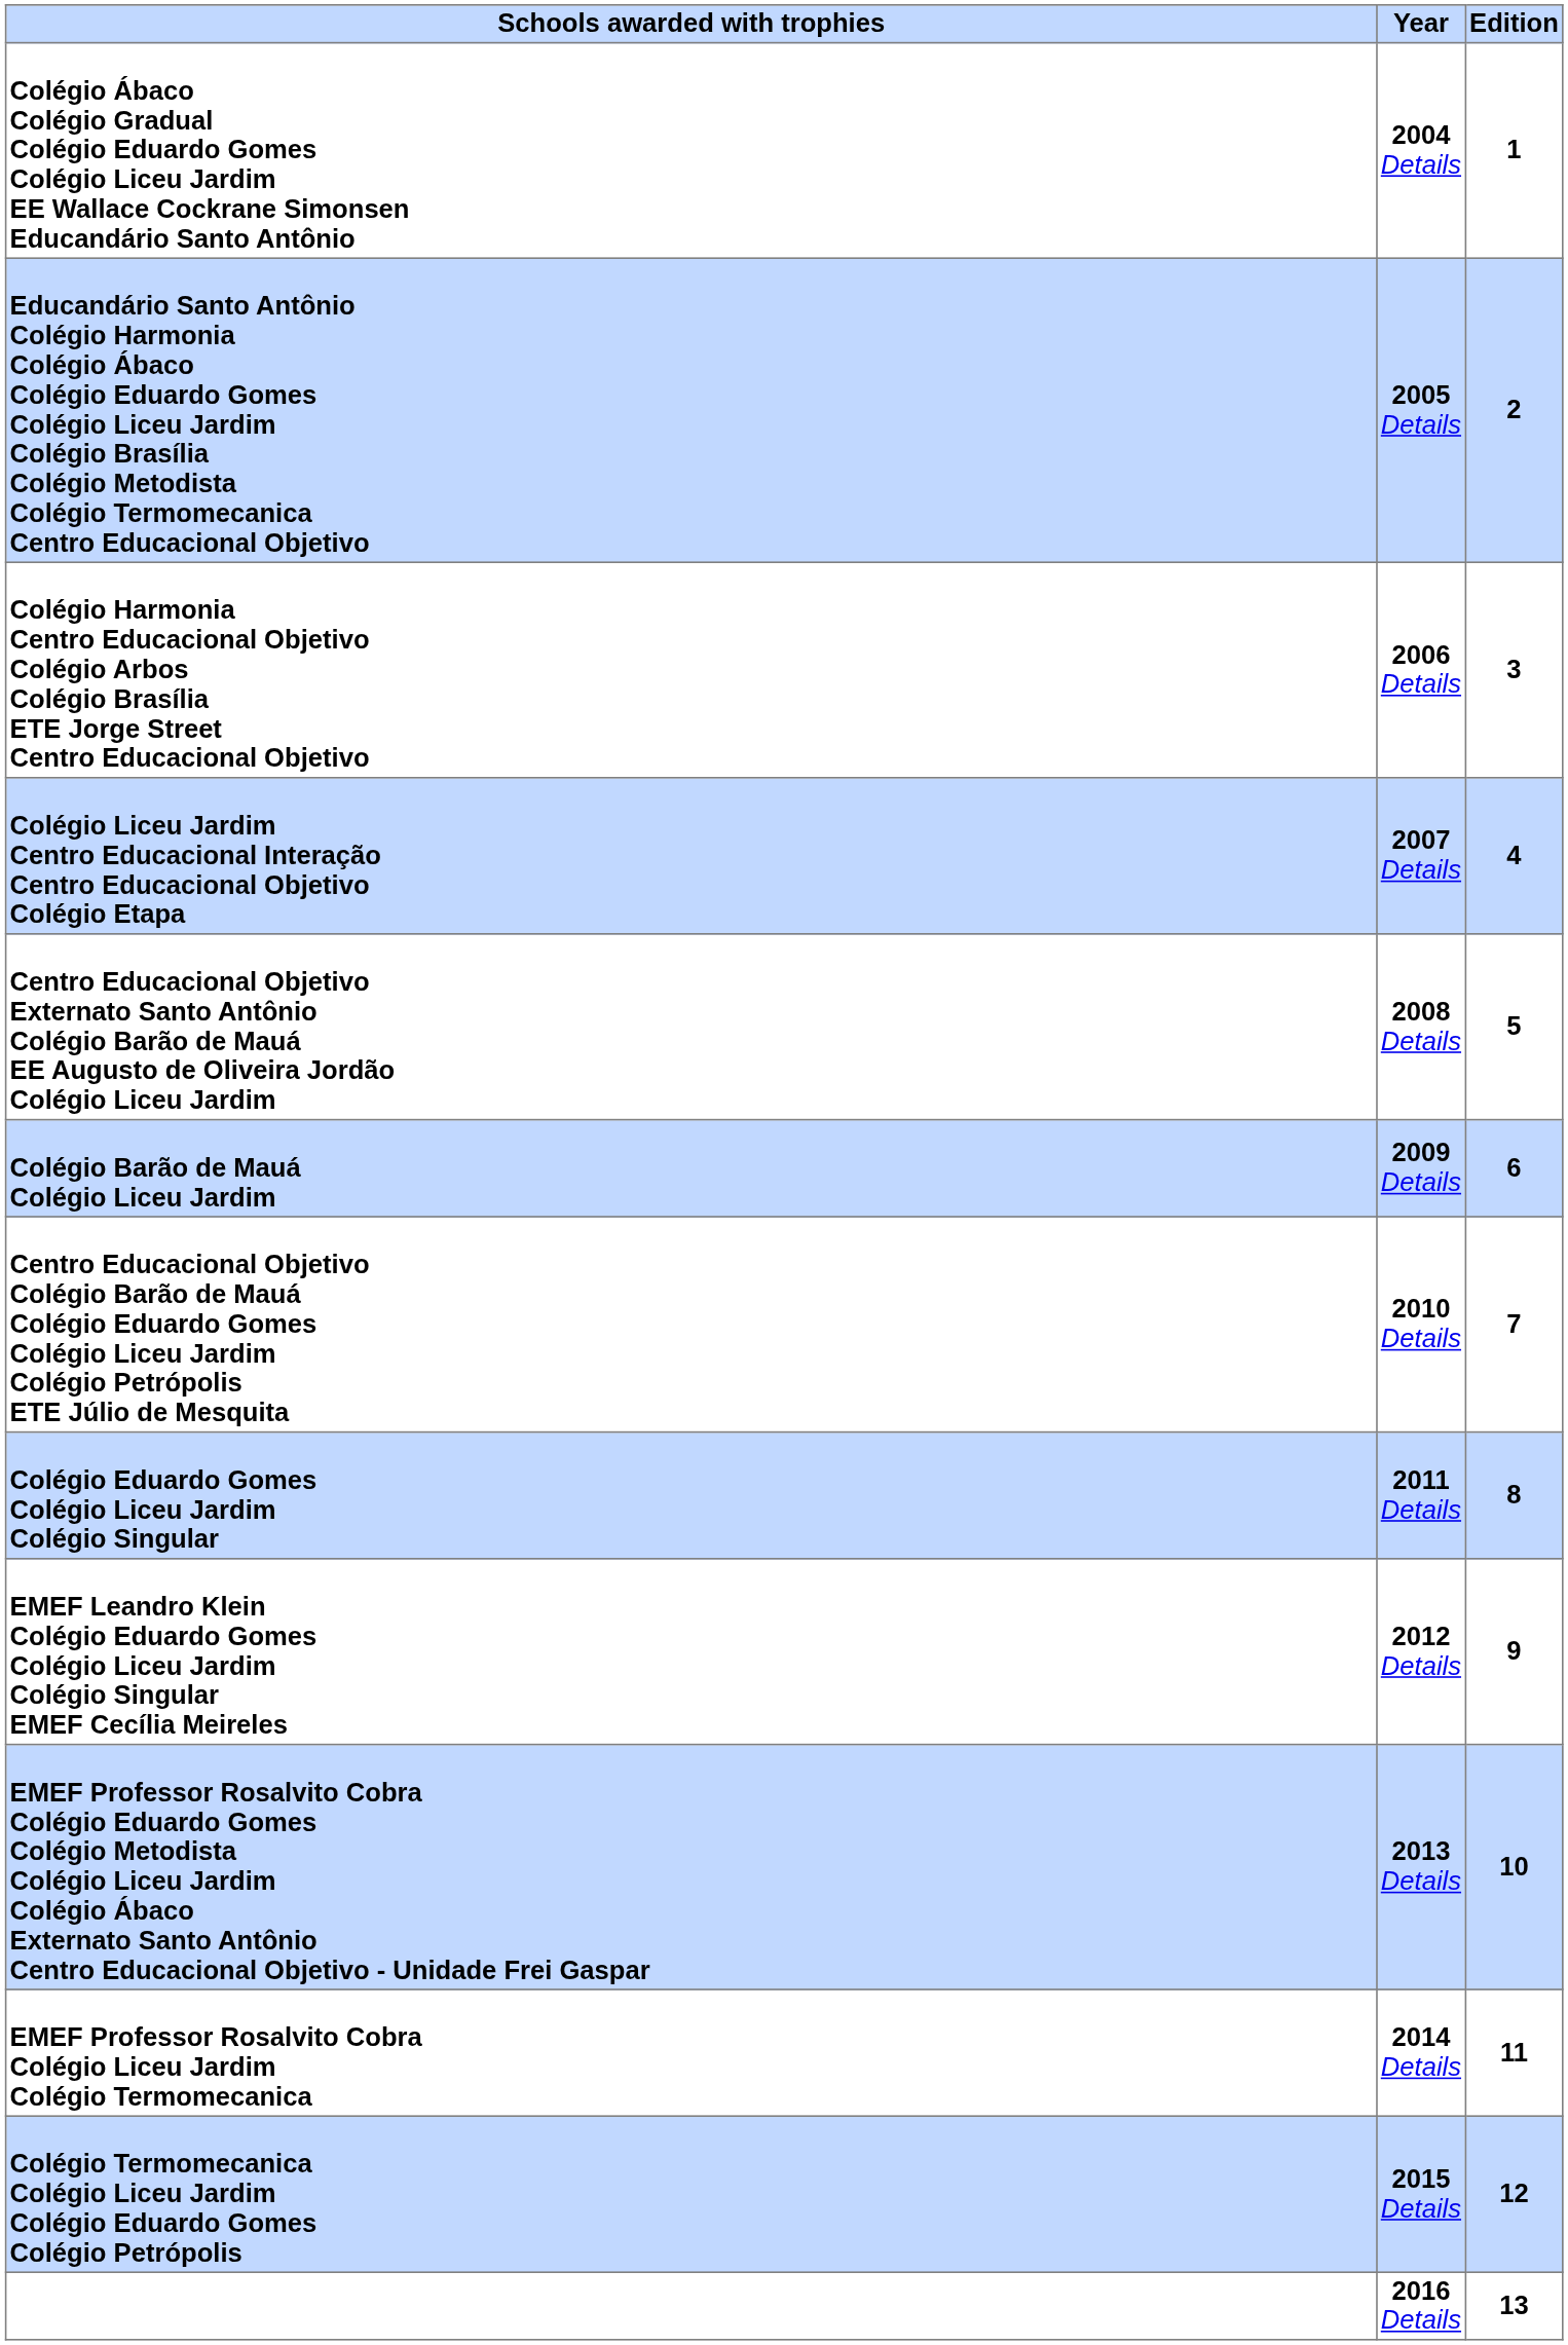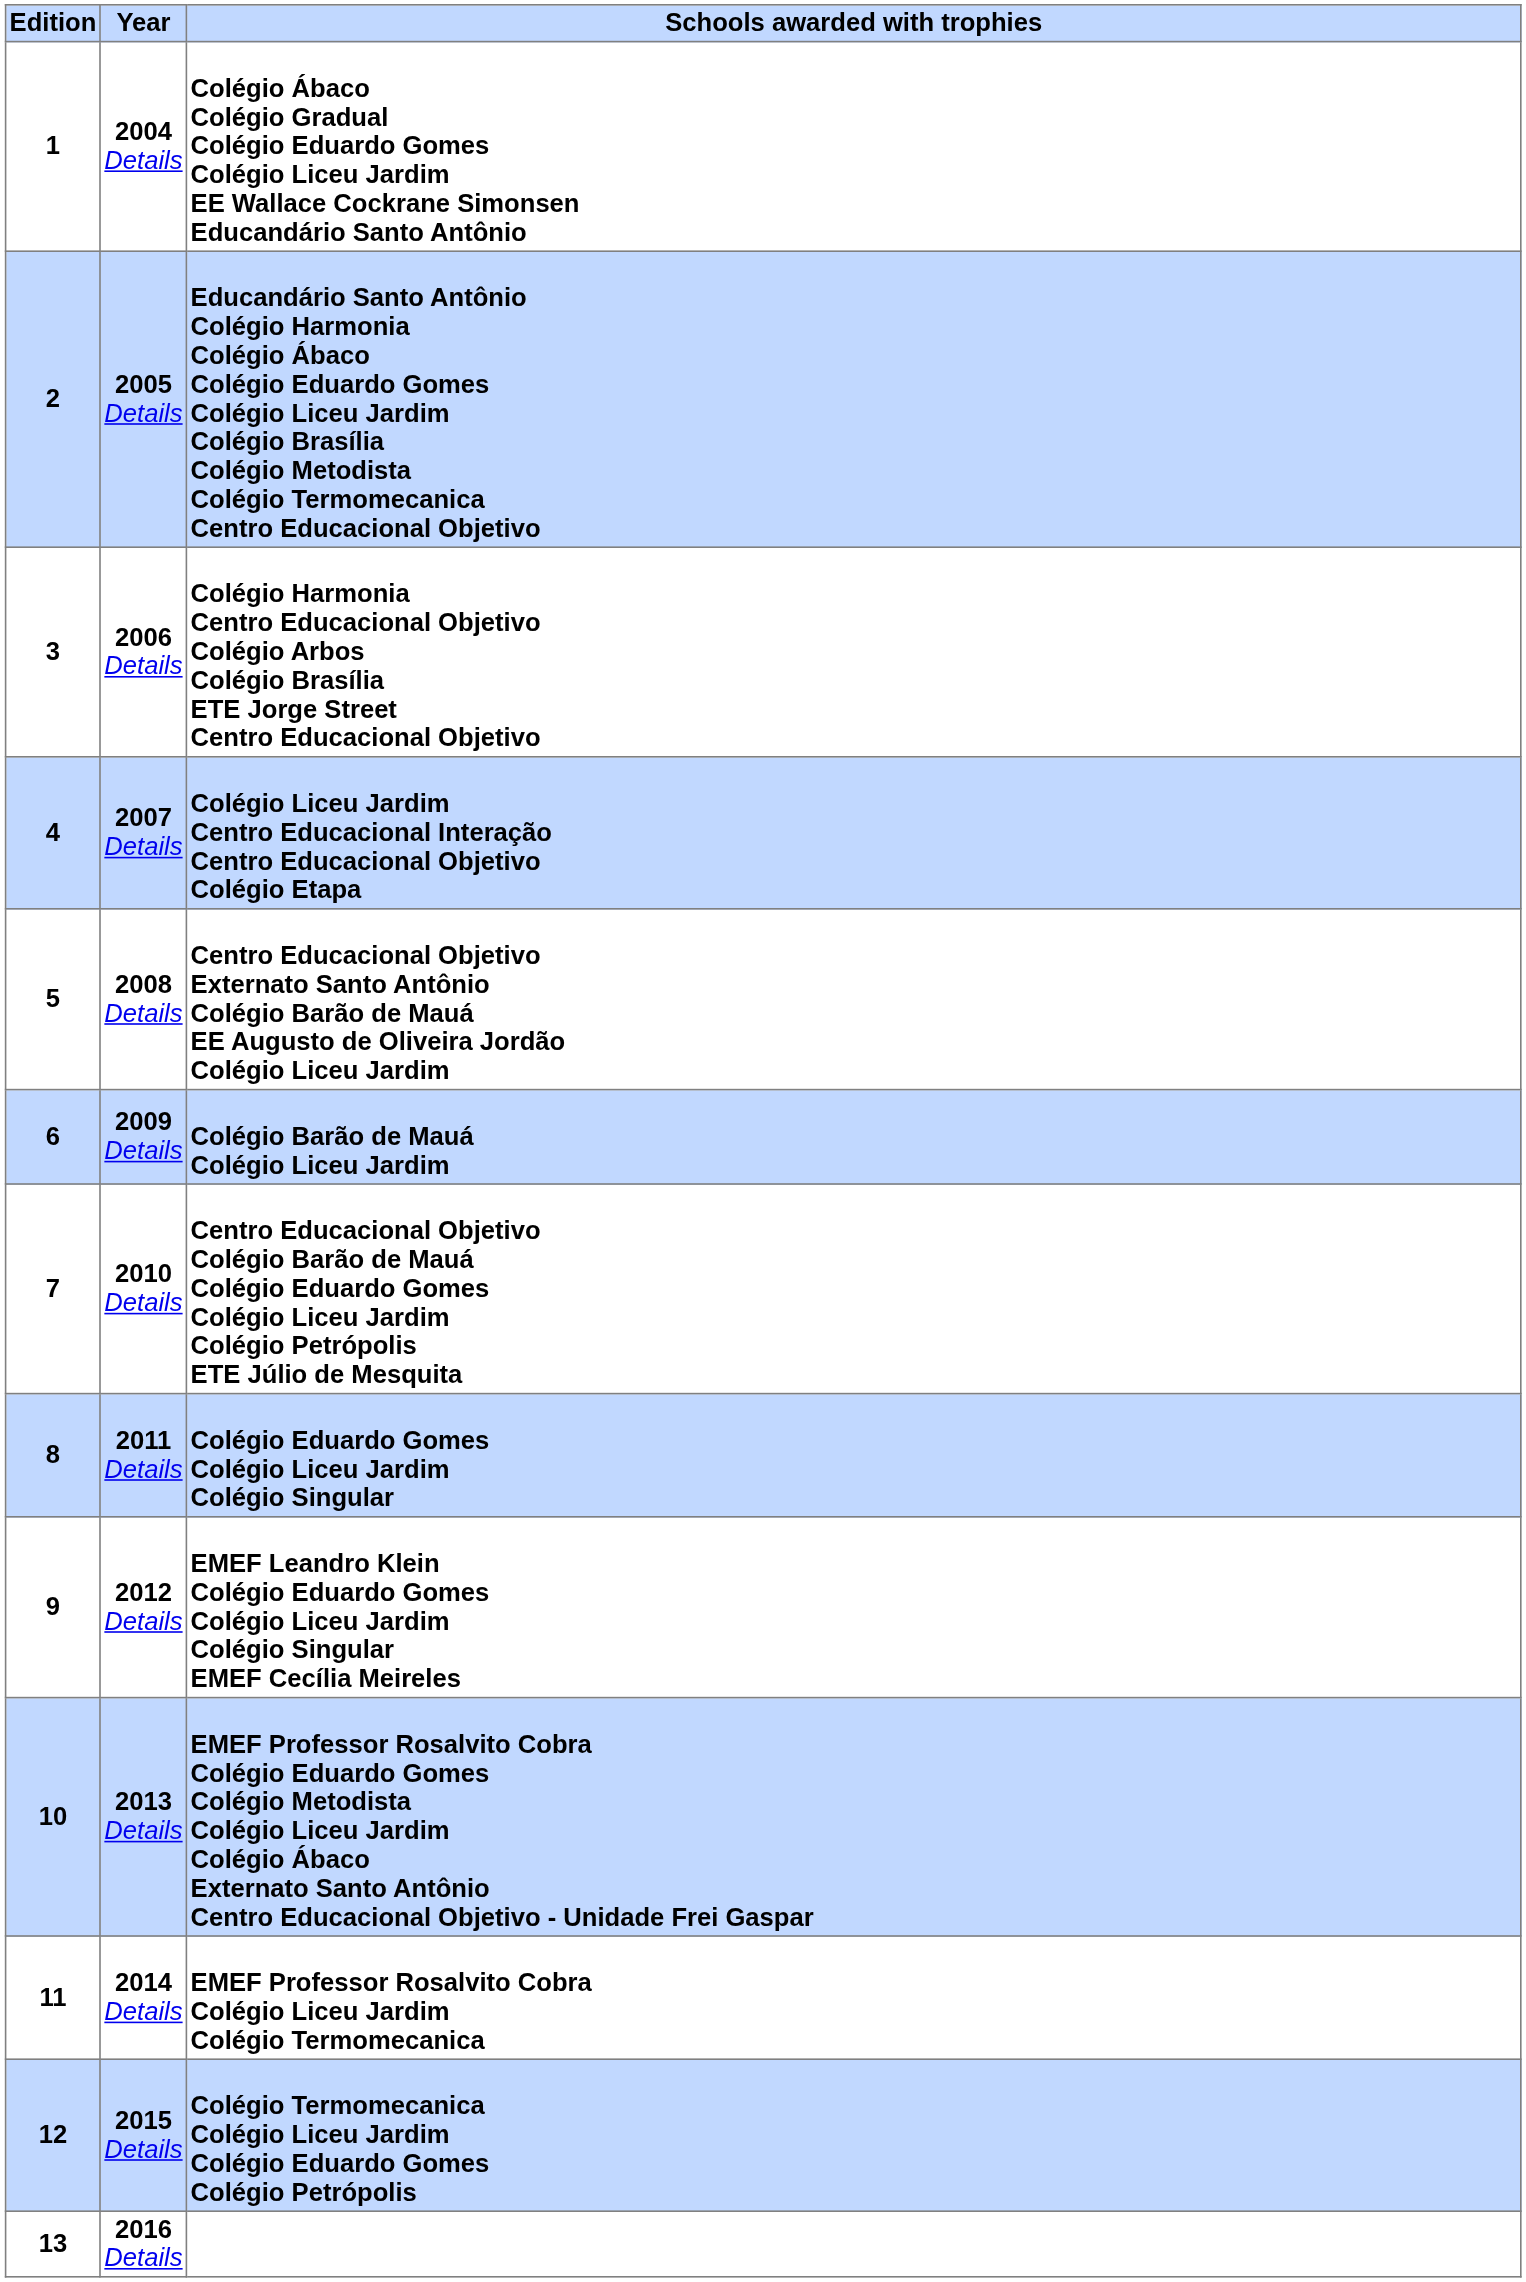 <table class="toccolours" border="1" cellpadding="2" style="border-collapse: collapse; text-align: center; width: 75%; margin: 0 auto;">
 <tr style="background: #C1D8FF;">
+<th width="1%">Edition</th>
+<th width="1%">Year</th>
 <td><strong>Schools awarded with trophies</strong></td>
-<th width="1%">Year</th>
-<th width="1%">Edition</th>
 </tr>
 <tr>
+<td><strong>1</strong></td>
+<td><strong>2004</strong><br><em><a href='#'>Details</a></em></td>
 <td align="left"><br>  <strong>Colégio Ábaco</strong><br> <strong>Colégio Gradual</strong> <br> <strong>Colégio Eduardo Gomes</strong> <br>   <strong>Colégio Liceu Jardim</strong> <br> <strong>EE Wallace Cockrane Simonsen</strong><br> <strong>Educandário Santo Antônio</strong> </td>
-<td><strong>2004</strong><br><em><a href='#'>Details</a></em></td>
-<td><strong>1</strong></td>
 </tr>
 <tr style="background: #C1D8FF;">
+<td><strong>2</strong></td>
+<td><strong>2005</strong><br><em><a href='#'>Details</a></em></td>
 <td align="left"><br>  <strong>Educandário Santo Antônio</strong><br> <strong>Colégio Harmonia</strong><br> <strong>Colégio Ábaco</strong><br> <strong>Colégio Eduardo Gomes</strong> <br> <strong>Colégio Liceu Jardim</strong><br>   <strong>Colégio Brasília</strong> <br> <strong>Colégio Metodista</strong> <br> <strong>Colégio Termomecanica</strong> <br> <strong>Centro Educacional Objetivo</strong>  </td>
-<td><strong>2005</strong><br><em><a href='#'>Details</a></em></td>
-<td><strong>2</strong></td>
 </tr>
 <tr>
+<td><strong>3</strong></td>
+<td><strong>2006</strong><br><em><a href='#'>Details</a></em></td>
 <td align="left"><br>  <strong>Colégio Harmonia</strong><br> <strong>Centro Educacional Objetivo</strong><br>  <strong>Colégio Arbos</strong><br>   <strong>Colégio Brasília</strong> <br> <strong>ETE Jorge Street</strong><br> <strong>Centro Educacional Objetivo</strong> </td>
-<td><strong>2006</strong><br><em><a href='#'>Details</a></em></td>
-<td><strong>3</strong></td>
 </tr>
 <tr style="background: #C1D8FF;">
+<td><strong>4</strong></td>
+<td><strong>2007</strong><br><em><a href='#'>Details</a></em></td>
 <td align="left"><br>  <strong>Colégio Liceu Jardim</strong><br> <strong>Centro Educacional Interação</strong><br>   <strong>Centro Educacional Objetivo</strong><br> <strong>Colégio Etapa</strong> </td>
-<td><strong>2007</strong><br><em><a href='#'>Details</a></em></td>
-<td><strong>4</strong></td>
 </tr>
 <tr>
+<td><strong>5</strong></td>
+<td><strong>2008</strong><br><em><a href='#'>Details</a></em></td>
 <td align="left"><br>  <strong>Centro Educacional Objetivo</strong><br> <strong>Externato Santo Antônio</strong><br> <strong>Colégio Barão de Mauá</strong><br>   <strong>EE Augusto de Oliveira Jordão</strong> <br> <strong>Colégio Liceu Jardim</strong>  </td>
-<td><strong>2008</strong><br><em><a href='#'>Details</a></em></td>
-<td><strong>5</strong></td>
 </tr>
 <tr style="background: #C1D8FF;">
+<td><strong>6</strong></td>
+<td><strong>2009</strong><br><em><a href='#'>Details</a></em></td>
 <td align="left"><br>   <strong>Colégio Barão de Mauá</strong><br>   <strong>Colégio Liceu Jardim</strong>  </td>
-<td><strong>2009</strong><br><em><a href='#'>Details</a></em></td>
-<td><strong>6</strong></td>
 </tr>
 <tr>
+<td><strong>7</strong></td>
+<td><strong>2010</strong><br><em><a href='#'>Details</a></em></td>
 <td align="left"><br>   <strong>Centro Educacional Objetivo</strong><br>  <strong>Colégio Barão de Mauá</strong><br>  <strong>Colégio Eduardo Gomes</strong> <br>   <strong>Colégio Liceu Jardim</strong><br>  <strong>Colégio Petrópolis</strong><br>  <strong>ETE Júlio de Mesquita</strong>  </td>
-<td><strong>2010</strong><br><em><a href='#'>Details</a></em></td>
-<td><strong>7</strong></td>
 </tr>
 <tr style="background: #C1D8FF;">
+<td><strong>8</strong></td>
+<td><strong>2011</strong><br><em><a href='#'>Details</a></em></td>
 <td align="left"><br>   <strong>Colégio Eduardo Gomes</strong> <br>  <strong>Colégio Liceu Jardim</strong><br>   <strong>Colégio Singular</strong><br>  </td>
-<td><strong>2011</strong><br><em><a href='#'>Details</a></em></td>
-<td><strong>8</strong></td>
 </tr>
 <tr>
+<td><strong>9</strong></td>
+<td><strong>2012</strong><br><em><a href='#'>Details</a></em></td>
 <td align="left"><br>   <strong>EMEF Leandro Klein</strong> <br>  <strong>Colégio Eduardo Gomes</strong> <br>  <strong>Colégio Liceu Jardim</strong><br>   <strong>Colégio Singular</strong><br>   <strong>EMEF Cecília Meireles</strong><br>  </td>
-<td><strong>2012</strong><br><em><a href='#'>Details</a></em></td>
-<td><strong>9</strong></td>
 </tr>
 <tr style="background: #C1D8FF;">
+<td><strong>10</strong></td>
+<td><strong>2013</strong><br><em><a href='#'>Details</a></em></td>
 <td align="left"><br>   <strong>EMEF Professor Rosalvito Cobra</strong> <br>  <strong>Colégio Eduardo Gomes</strong> <br>  <strong>Colégio Metodista</strong><br>  <strong>Colégio Liceu Jardim</strong><br>   <strong>Colégio Ábaco</strong><br>  <strong>Externato Santo Antônio</strong><br>   <strong>Centro Educacional Objetivo - Unidade Frei Gaspar</strong><br> </td>
-<td><strong>2013</strong><br><em><a href='#'>Details</a></em></td>
-<td><strong>10</strong></td>
 </tr>
 <tr>
+<td><strong>11</strong></td>
+<td><strong>2014</strong><br><em><a href='#'>Details</a></em></td>
 <td align="left"><br>   <strong>EMEF Professor Rosalvito Cobra</strong> <br>  <strong>Colégio Liceu Jardim</strong><br>   <strong>Colégio Termomecanica</strong><br> </td>
-<td><strong>2014</strong><br><em><a href='#'>Details</a></em></td>
-<td><strong>11</strong></td>
 </tr>
 <tr style="background: #C1D8FF;">
+<td><strong>12</strong></td>
+<td><strong>2015</strong><br><em><a href='#'>Details</a></em></td>
 <td align="left"><br>   <strong>Colégio Termomecanica</strong><br>  <strong>Colégio Liceu Jardim</strong><br>   <strong>Colégio Eduardo Gomes</strong> <br>  <strong>Colégio Petrópolis</strong><br> </td>
-<td><strong>2015</strong><br><em><a href='#'>Details</a></em></td>
-<td><strong>12</strong></td>
 </tr>
 <tr>
+<td><strong>13</strong></td>
+<td><strong>2016</strong><br><em><a href='#'>Details</a></em></td>
 <td align="left"></td>
-<td><strong>2016</strong><br><em><a href='#'>Details</a></em></td>
-<td><strong>13</strong></td>
 </tr>
 </table>
